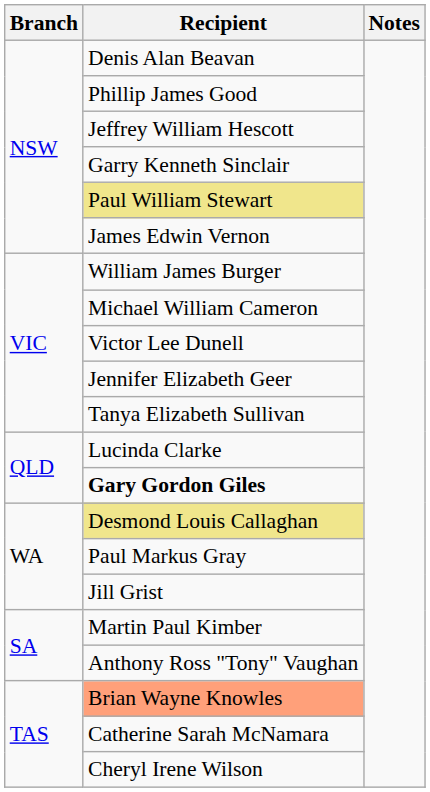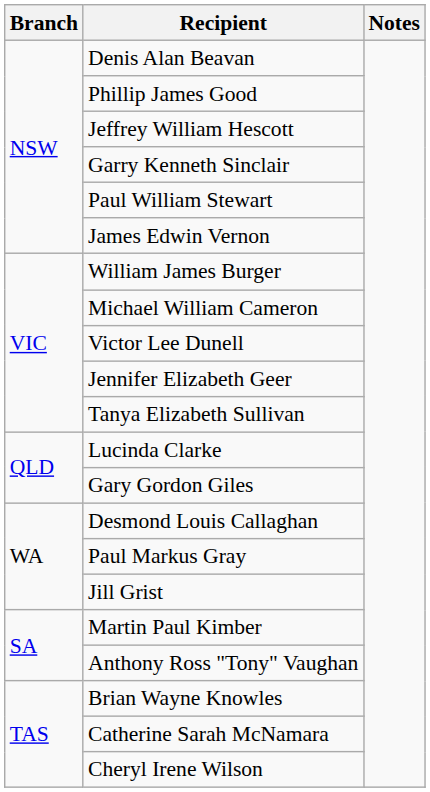 <table class="wikitable" style="font-size:95%;">
 <tr>
 <th>Branch</th>
 <th>Recipient</th>
 <th>Notes</th>
 </tr>
 <tr>
 <td rowspan=6><a href='#'>NSW</a></td>
 <td>Denis Alan Beavan</td>
 <td rowspan=32></td>
 </tr>
 <tr>
 <td>Phillip James Good</td>
 </tr>
 <tr>
 <td>Jeffrey William Hescott</td>
 </tr>
 <tr>
 <td>Garry Kenneth Sinclair</td>
 </tr>
 <tr>
-<td style="background: khaki;">Paul William Stewart</td>
+<td>Paul William Stewart</td>
 </tr>
 <tr>
 <td>James Edwin Vernon</td>
 </tr>
 <tr>
 <td rowspan=5><a href='#'>VIC</a></td>
 <td>William James Burger</td>
 </tr>
 <tr>
 <td>Michael William Cameron</td>
 </tr>
 <tr>
 <td>Victor Lee Dunell</td>
 </tr>
 <tr>
 <td>Jennifer Elizabeth Geer</td>
 </tr>
 <tr>
 <td>Tanya Elizabeth Sullivan</td>
 </tr>
 <tr>
 <td rowspan=2><a href='#'>QLD</a></td>
 <td>Lucinda Clarke</td>
 </tr>
 <tr>
-<td><strong>Gary Gordon Giles</strong></td>
+<td>Gary Gordon Giles</td>
 </tr>
 <tr>
 <td rowspan=3>WA</td>
-<td style="background: khaki;">Desmond Louis Callaghan</td>
+<td>Desmond Louis Callaghan</td>
 </tr>
 <tr>
 <td>Paul Markus Gray</td>
 </tr>
 <tr>
 <td>Jill Grist</td>
 </tr>
 <tr>
 <td rowspan=2><a href='#'>SA</a></td>
 <td>Martin Paul Kimber</td>
 </tr>
 <tr>
 <td>Anthony Ross "Tony" Vaughan</td>
 </tr>
 <tr>
 <td rowspan=3><a href='#'>TAS</a></td>
-<td style="background: lightsalmon;">Brian Wayne Knowles</td>
+<td>Brian Wayne Knowles</td>
 </tr>
 <tr>
 <td>Catherine Sarah McNamara</td>
 </tr>
 <tr>
 <td>Cheryl Irene Wilson</td>
 </tr>
 </table>
